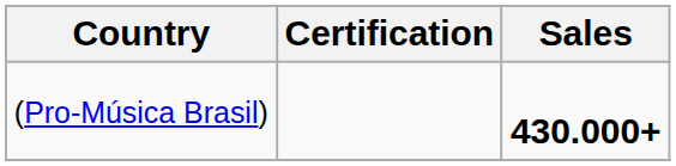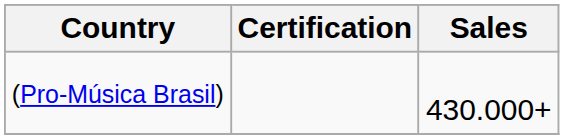 <table class="wikitable">
 <tr>
 <th>Country</th>
 <th>Certification</th>
 <th>Sales</th>
 </tr>
 <tr>
 <td> <small>(<a href='#'>Pro-Música Brasil</a>)</small></td>
 <td align="center"><br></td>
-<td><strong><br>430.000+</strong></td>
+<td><br>430.000+</td>
 </tr>
 <tr>
 </tr>
 </table>
